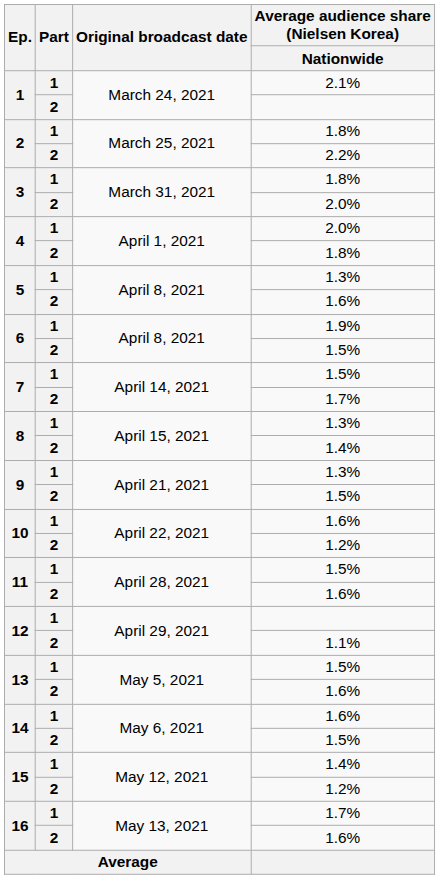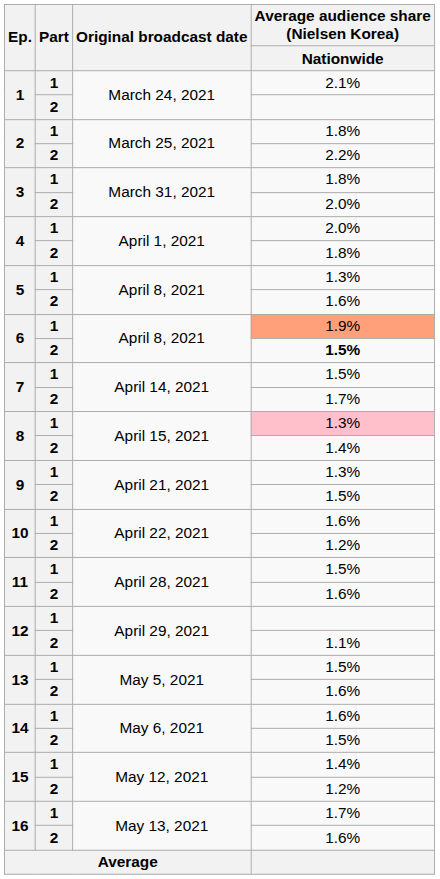 <table class="wikitable" style="text-align:center">
 <tr>
 <th rowspan="2">Ep.</th>
 <th rowspan="2">Part</th>
 <th rowspan="2">Original broadcast date</th>
 <th colspan="2">Average audience share<br>(Nielsen Korea)</th>
 </tr>
 <tr>
 <th>Nationwide</th>
 </tr>
 <tr>
 <th rowspan="2">1</th>
 <th>1</th>
 <td rowspan="2">March 24, 2021</td>
 <td>2.1%</td>
 </tr>
 <tr>
 <th>2</th>
 <td></td>
 </tr>
 <tr>
 <th rowspan="2">2</th>
 <th>1</th>
 <td rowspan="2">March 25, 2021</td>
 <td>1.8%</td>
 </tr>
 <tr>
 <th>2</th>
 <td>2.2%</td>
 </tr>
 <tr>
 <th rowspan="2">3</th>
 <th>1</th>
 <td rowspan="2">March 31, 2021</td>
 <td>1.8%</td>
 </tr>
 <tr>
 <th>2</th>
 <td>2.0%</td>
 </tr>
 <tr>
 <th rowspan="2">4</th>
 <th>1</th>
 <td rowspan="2">April 1, 2021</td>
 <td>2.0%</td>
 </tr>
 <tr>
 <th>2</th>
 <td>1.8%</td>
 </tr>
 <tr>
 <th rowspan="2">5</th>
 <th>1</th>
 <td rowspan="2">April 8, 2021</td>
 <td>1.3%</td>
 </tr>
 <tr>
 <th>2</th>
 <td>1.6%</td>
 </tr>
 <tr>
 <th rowspan="2">6</th>
 <th>1</th>
 <td rowspan="2">April 8, 2021</td>
-<td>1.9%</td>
+<td style="background: lightsalmon;">1.9%</td>
 </tr>
 <tr>
 <th>2</th>
-<td>1.5%</td>
+<td><strong>1.5%</strong></td>
 </tr>
 <tr>
 <th rowspan="2">7</th>
 <th>1</th>
 <td rowspan="2">April 14, 2021</td>
 <td>1.5%</td>
 </tr>
 <tr>
 <th>2</th>
 <td>1.7%</td>
 </tr>
 <tr>
 <th rowspan="2">8</th>
 <th>1</th>
 <td rowspan="2">April 15, 2021</td>
-<td>1.3%</td>
+<td style="background: pink;">1.3%</td>
 </tr>
 <tr>
 <th>2</th>
 <td>1.4%</td>
 </tr>
 <tr>
 <th rowspan="2">9</th>
 <th>1</th>
 <td rowspan="2">April 21, 2021</td>
 <td>1.3%</td>
 </tr>
 <tr>
 <th>2</th>
 <td>1.5%</td>
 </tr>
 <tr>
 <th rowspan="2">10</th>
 <th>1</th>
 <td rowspan="2">April 22, 2021</td>
 <td>1.6%</td>
 </tr>
 <tr>
 <th>2</th>
 <td>1.2%</td>
 </tr>
 <tr>
 <th rowspan="2">11</th>
 <th>1</th>
 <td rowspan="2">April 28, 2021</td>
 <td>1.5%</td>
 </tr>
 <tr>
 <th>2</th>
 <td>1.6%</td>
 </tr>
 <tr>
 <th rowspan="2">12</th>
 <th>1</th>
 <td rowspan="2">April 29, 2021</td>
 <td></td>
 </tr>
 <tr>
 <th>2</th>
 <td>1.1%</td>
 </tr>
 <tr>
 <th rowspan="2">13</th>
 <th>1</th>
 <td rowspan="2">May 5, 2021</td>
 <td>1.5%</td>
 </tr>
 <tr>
 <th>2</th>
 <td>1.6%</td>
 </tr>
 <tr>
 <th rowspan="2">14</th>
 <th>1</th>
 <td rowspan="2">May 6, 2021</td>
 <td>1.6%</td>
 </tr>
 <tr>
 <th>2</th>
 <td>1.5%</td>
 </tr>
 <tr>
 <th rowspan="2">15</th>
 <th>1</th>
 <td rowspan="2">May 12, 2021</td>
 <td>1.4%</td>
 </tr>
 <tr>
 <th>2</th>
 <td>1.2%</td>
 </tr>
 <tr>
 <th rowspan="2">16</th>
 <th>1</th>
 <td rowspan="2">May 13, 2021</td>
 <td>1.7%</td>
 </tr>
 <tr>
 <th>2</th>
 <td>1.6%</td>
 </tr>
 <tr>
 <th colspan="3">Average</th>
 <th></th>
 </tr>
 </table>
